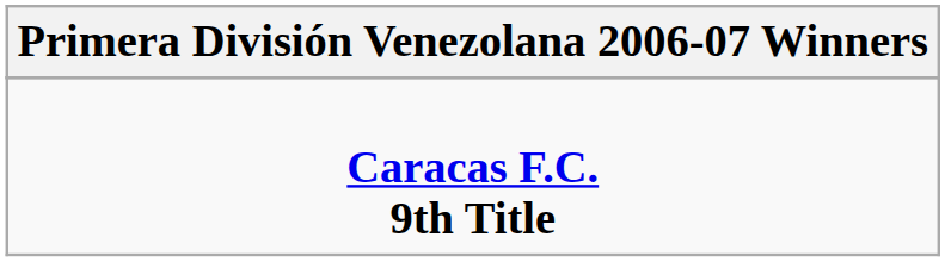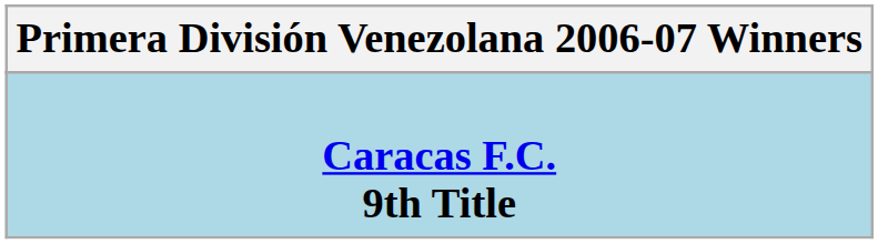 <table class="wikitable" style="text-align: center; margin: 0 auto;">
 <tr>
 <th>Primera División Venezolana 2006-07 Winners</th>
 </tr>
 <tr>
 </tr>
 <tr>
-<td><br><strong><a href='#'>Caracas F.C.</a></strong><br><strong>9th Title</strong></td>
+<td style="background: lightblue;"><br><strong><a href='#'>Caracas F.C.</a></strong><br><strong>9th Title</strong></td>
 </tr>
 </table>
